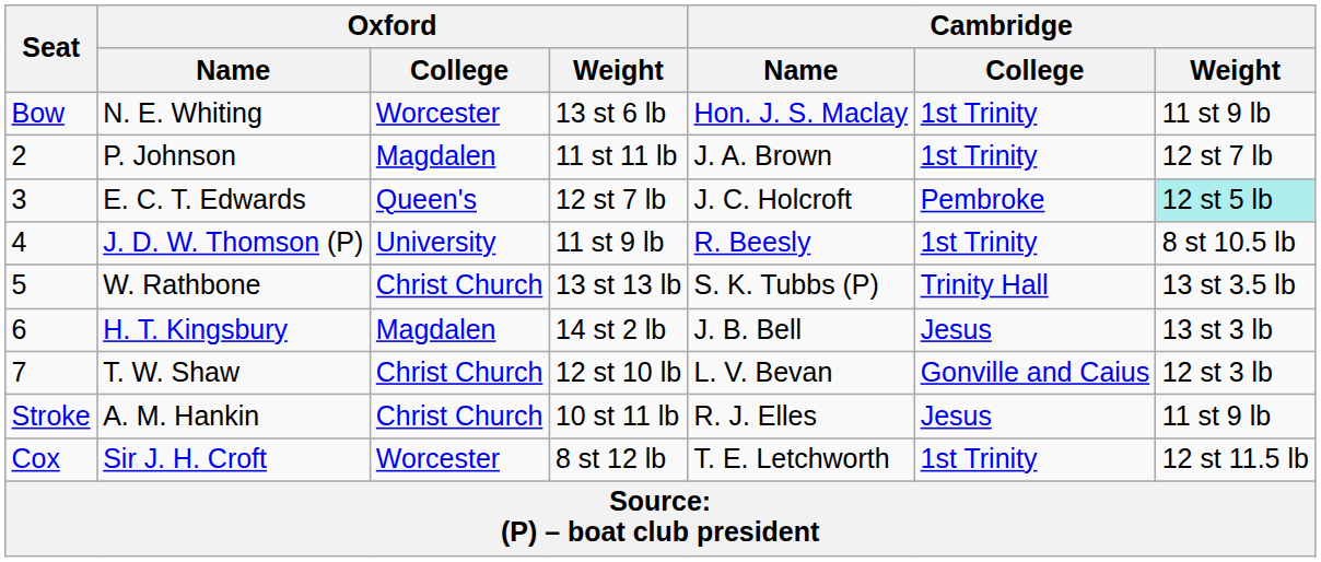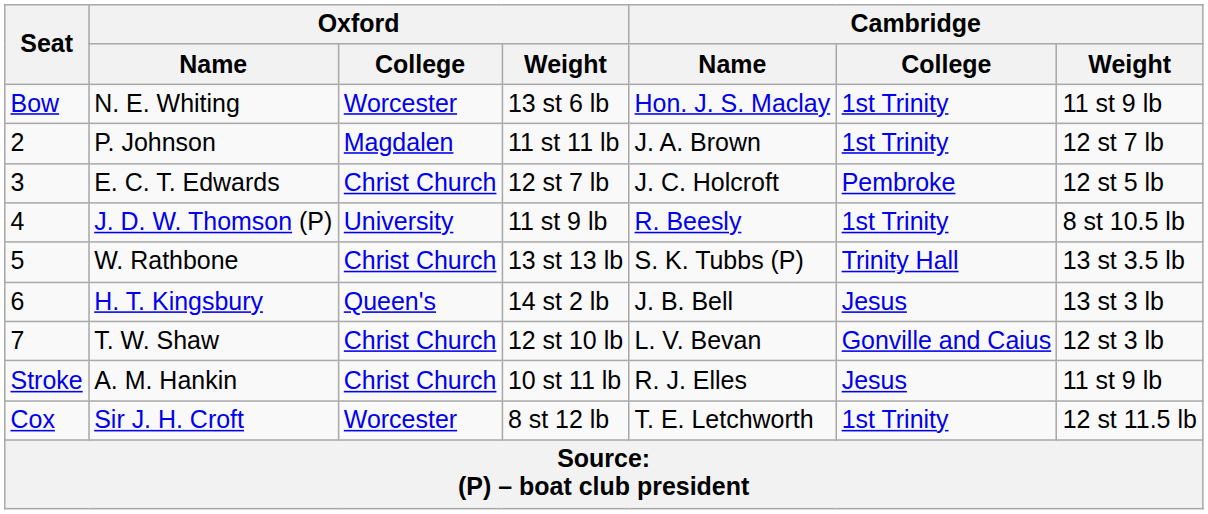 <table class="wikitable">
 <tr>
 <th rowspan="2" scope="col">Seat</th>
 <th colspan="3" scope="col">Oxford <br> </th>
 <th colspan="3" scope="col">Cambridge <br> </th>
 </tr>
 <tr>
 <th>Name</th>
 <th>College</th>
 <th>Weight</th>
 <th>Name</th>
 <th>College</th>
 <th>Weight</th>
 </tr>
 <tr>
 <td><a href='#'>Bow</a></td>
 <td>N. E. Whiting</td>
 <td><a href='#'>Worcester</a></td>
 <td>13 st 6 lb</td>
 <td><a href='#'>Hon. J. S. Maclay</a></td>
 <td><a href='#'>1st Trinity</a></td>
 <td>11 st 9 lb</td>
 </tr>
 <tr>
 <td>2</td>
 <td>P. Johnson</td>
 <td><a href='#'>Magdalen</a></td>
 <td>11 st 11 lb</td>
 <td>J. A. Brown</td>
 <td><a href='#'>1st Trinity</a></td>
 <td>12 st 7 lb</td>
 </tr>
 <tr>
 <td>3</td>
 <td>E. C. T. Edwards</td>
-<td><a href='#'>Queen's</a></td>
+<td><a href='#'>Christ Church</a></td>
 <td>12 st 7 lb</td>
 <td>J. C. Holcroft</td>
 <td><a href='#'>Pembroke</a></td>
-<td style="background: paleturquoise;">12 st 5 lb</td>
+<td>12 st 5 lb</td>
 </tr>
 <tr>
 <td>4</td>
 <td><a href='#'>J. D. W. Thomson</a> (P)</td>
 <td><a href='#'>University</a></td>
 <td>11 st 9 lb</td>
 <td><a href='#'>R. Beesly</a></td>
 <td><a href='#'>1st Trinity</a></td>
 <td>8 st 10.5 lb</td>
 </tr>
 <tr>
 <td>5</td>
 <td>W. Rathbone</td>
 <td><a href='#'>Christ Church</a></td>
 <td>13 st 13 lb</td>
 <td>S. K. Tubbs (P)</td>
 <td><a href='#'>Trinity Hall</a></td>
 <td>13 st 3.5 lb</td>
 </tr>
 <tr>
 <td>6</td>
 <td><a href='#'>H. T. Kingsbury</a></td>
-<td><a href='#'>Magdalen</a></td>
+<td><a href='#'>Queen's</a></td>
 <td>14 st 2 lb</td>
 <td>J. B. Bell</td>
 <td><a href='#'>Jesus</a></td>
 <td>13 st 3 lb</td>
 </tr>
 <tr>
 <td>7</td>
 <td>T. W. Shaw</td>
 <td><a href='#'>Christ Church</a></td>
 <td>12 st 10 lb</td>
 <td>L. V. Bevan</td>
 <td><a href='#'>Gonville and Caius</a></td>
 <td>12 st 3 lb</td>
 </tr>
 <tr>
 <td><a href='#'>Stroke</a></td>
 <td>A. M. Hankin</td>
 <td><a href='#'>Christ Church</a></td>
 <td>10 st 11 lb</td>
 <td>R. J. Elles</td>
 <td><a href='#'>Jesus</a></td>
 <td>11 st 9 lb</td>
 </tr>
 <tr>
 <td><a href='#'>Cox</a></td>
 <td><a href='#'>Sir J. H. Croft</a></td>
 <td><a href='#'>Worcester</a></td>
 <td>8 st 12 lb</td>
 <td>T. E. Letchworth</td>
 <td><a href='#'>1st Trinity</a></td>
 <td>12 st 11.5 lb</td>
 </tr>
 <tr>
 <th colspan="7">Source:<br>(P) – boat club president</th>
 </tr>
 </table>
